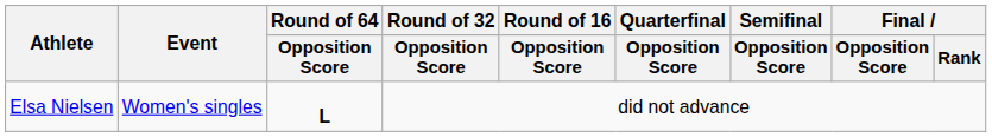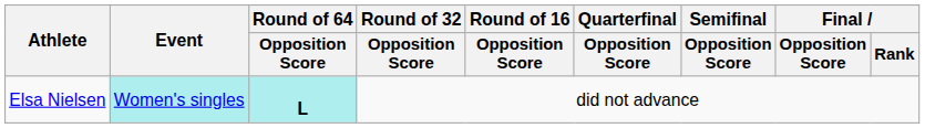 <table class=wikitable style="font-size:90%">
 <tr>
 <th rowspan="2">Athlete</th>
 <th rowspan="2">Event</th>
 <th>Round of 64</th>
 <th>Round of 32</th>
 <th>Round of 16</th>
 <th>Quarterfinal</th>
 <th>Semifinal</th>
 <th colspan=2>Final / </th>
 </tr>
 <tr style="font-size:95%">
 <th>Opposition<br>Score</th>
 <th>Opposition<br>Score</th>
 <th>Opposition<br>Score</th>
 <th>Opposition<br>Score</th>
 <th>Opposition<br>Score</th>
 <th>Opposition<br>Score</th>
 <th>Rank</th>
 </tr>
 <tr align=center>
 <td align=left><a href='#'>Elsa Nielsen</a></td>
-<td align=left><a href='#'>Women's singles</a></td>
-<td><br><strong>L</strong></td>
+<td align=left style="background: paleturquoise;"><a href='#'>Women's singles</a></td>
+<td style="background: paleturquoise;"><br><strong>L</strong></td>
 <td colspan=6>did not advance</td>
 </tr>
 </table>
